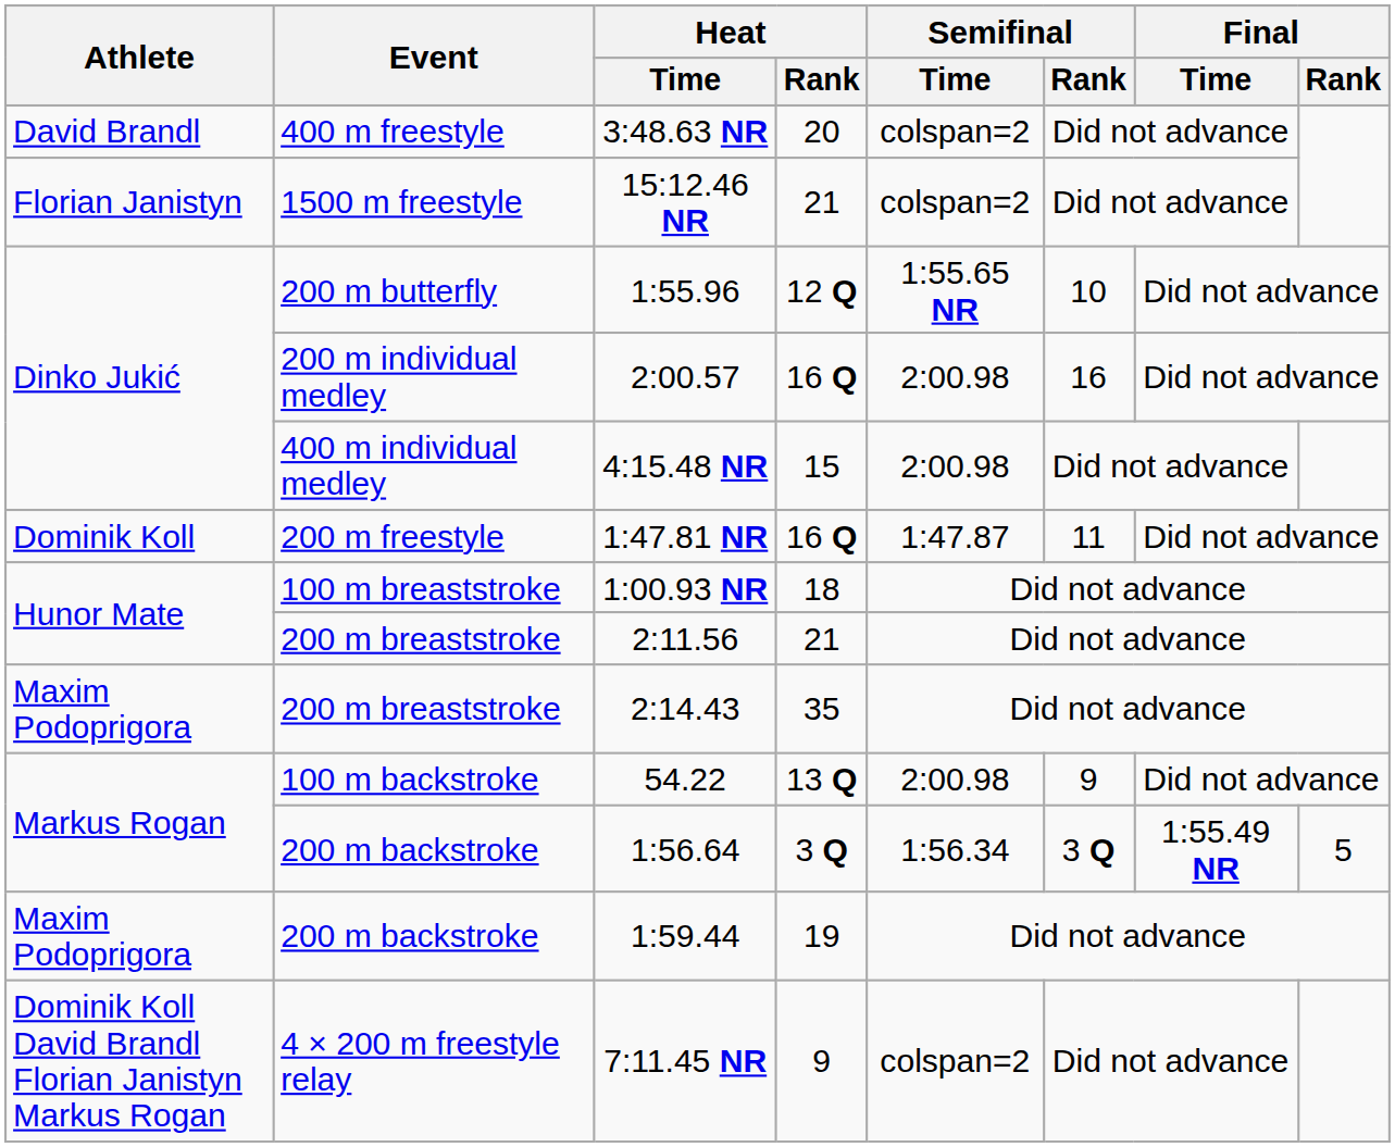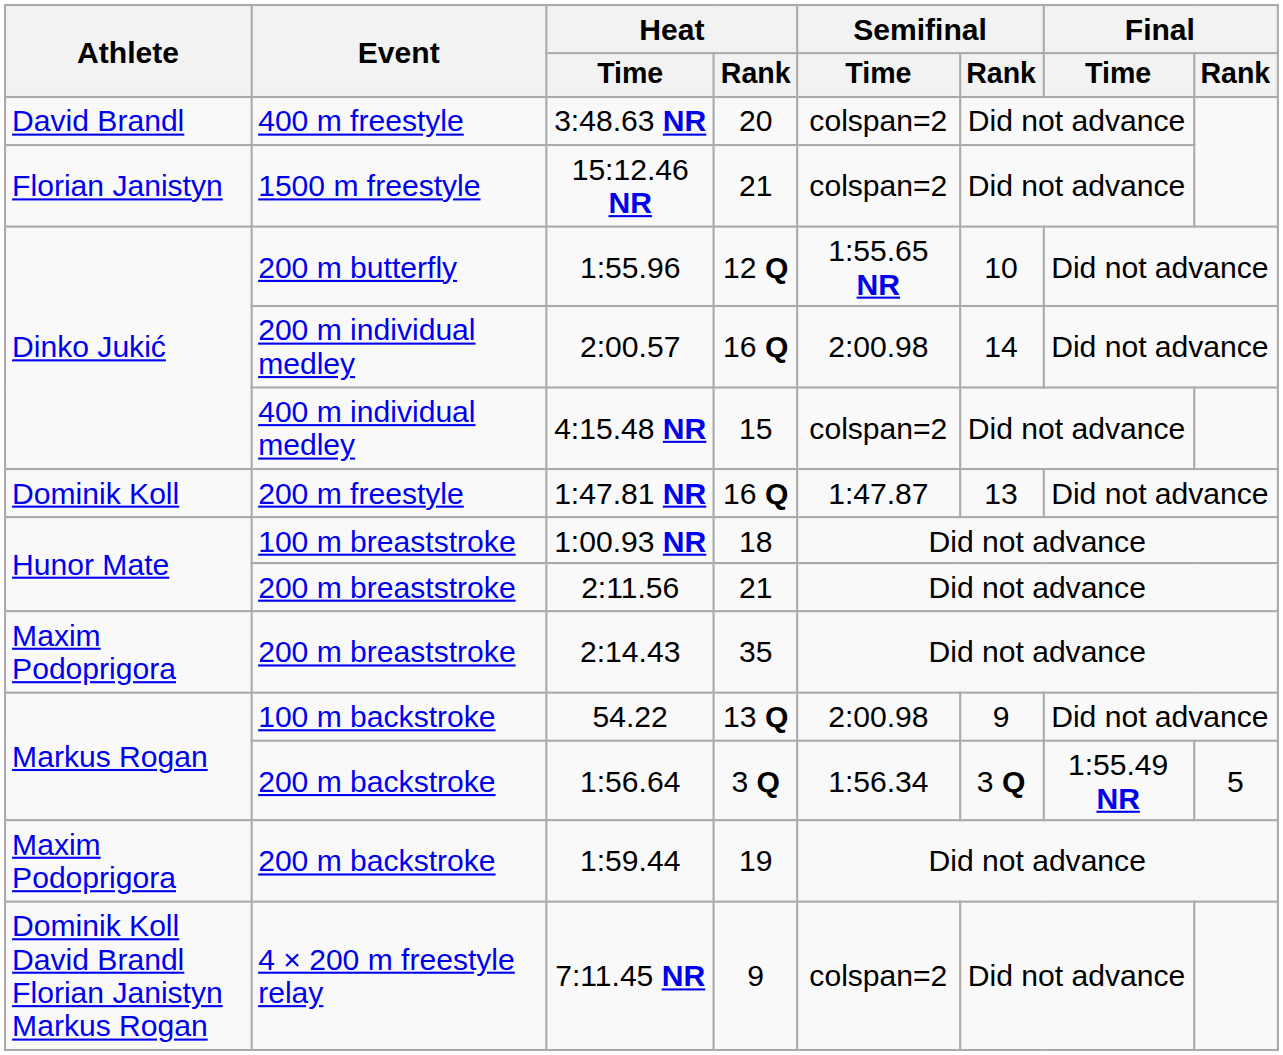 <table class=wikitable style="font-size:90%">
 <tr>
 <th rowspan="2">Athlete</th>
 <th rowspan="2">Event</th>
 <th colspan="2">Heat</th>
 <th colspan="2">Semifinal</th>
 <th colspan="2">Final</th>
 </tr>
 <tr style="font-size:95%">
 <th>Time</th>
 <th>Rank</th>
 <th>Time</th>
 <th>Rank</th>
 <th>Time</th>
 <th>Rank</th>
 </tr>
 <tr align=center>
 <td align=left><a href='#'>David Brandl</a></td>
 <td align=left><a href='#'>400 m freestyle</a></td>
 <td>3:48.63 <strong><a href='#'>NR</a></strong></td>
 <td>20</td>
 <td>colspan=2 </td>
 <td colspan=2>Did not advance</td>
 </tr>
 <tr align=center>
 <td align=left><a href='#'>Florian Janistyn</a></td>
 <td align=left><a href='#'>1500 m freestyle</a></td>
 <td>15:12.46 <strong><a href='#'>NR</a></strong></td>
 <td>21</td>
 <td>colspan=2 </td>
 <td colspan=2>Did not advance</td>
 </tr>
 <tr align=center>
 <td align=left rowspan=3><a href='#'>Dinko Jukić</a></td>
 <td align=left><a href='#'>200 m butterfly</a></td>
 <td>1:55.96</td>
 <td>12 <strong>Q</strong></td>
 <td>1:55.65 <strong><a href='#'>NR</a></strong></td>
 <td>10</td>
 <td colspan=2>Did not advance</td>
 </tr>
 <tr align=center>
 <td align=left><a href='#'>200 m individual medley</a></td>
 <td>2:00.57</td>
 <td>16 <strong>Q</strong></td>
 <td>2:00.98</td>
-<td>16</td>
+<td>14</td>
 <td colspan=2>Did not advance</td>
 </tr>
 <tr align=center>
 <td align=left><a href='#'>400 m individual medley</a></td>
 <td>4:15.48 <strong><a href='#'>NR</a></strong></td>
 <td>15</td>
-<td>2:00.98</td>
+<td>colspan=2 </td>
 <td colspan=2>Did not advance</td>
 </tr>
 <tr align=center>
 <td align=left><a href='#'>Dominik Koll</a></td>
 <td align=left><a href='#'>200 m freestyle</a></td>
 <td>1:47.81 <strong><a href='#'>NR</a></strong></td>
 <td>16 <strong>Q</strong></td>
 <td>1:47.87</td>
-<td>11</td>
+<td>13</td>
 <td colspan=2>Did not advance</td>
 </tr>
 <tr align=center>
 <td align=left rowspan=2><a href='#'>Hunor Mate</a></td>
 <td align=left><a href='#'>100 m breaststroke</a></td>
 <td>1:00.93 <strong><a href='#'>NR</a></strong></td>
 <td>18</td>
 <td colspan=4>Did not advance</td>
 </tr>
 <tr align=center>
 <td align=left><a href='#'>200 m breaststroke</a></td>
 <td>2:11.56</td>
 <td>21</td>
 <td colspan=4>Did not advance</td>
 </tr>
 <tr align=center>
 <td align=left><a href='#'>Maxim Podoprigora</a></td>
 <td align=left><a href='#'>200 m breaststroke</a></td>
 <td>2:14.43</td>
 <td>35</td>
 <td colspan=4>Did not advance</td>
 </tr>
 <tr align=center>
 <td align=left rowspan=2><a href='#'>Markus Rogan</a></td>
 <td align=left><a href='#'>100 m backstroke</a></td>
 <td>54.22</td>
 <td>13 <strong>Q</strong></td>
 <td>2:00.98</td>
 <td>9</td>
 <td colspan=2>Did not advance</td>
 </tr>
 <tr align=center>
 <td align=left><a href='#'>200 m backstroke</a></td>
 <td>1:56.64</td>
 <td>3 <strong>Q</strong></td>
 <td>1:56.34</td>
 <td>3 <strong>Q</strong></td>
 <td>1:55.49 <strong><a href='#'>NR</a></strong></td>
 <td>5</td>
 </tr>
 <tr align=center>
 <td align=left><a href='#'>Maxim Podoprigora</a></td>
 <td align=left><a href='#'>200 m backstroke</a></td>
 <td>1:59.44</td>
 <td>19</td>
 <td colspan=4>Did not advance</td>
 </tr>
 <tr align=center>
 <td align=left><a href='#'>Dominik Koll</a><br><a href='#'>David Brandl</a><br><a href='#'>Florian Janistyn</a><br><a href='#'>Markus Rogan</a></td>
 <td align=left><a href='#'>4 × 200 m freestyle relay</a></td>
 <td>7:11.45 <strong><a href='#'>NR</a></strong></td>
 <td>9</td>
 <td>colspan=2 </td>
 <td colspan=2>Did not advance</td>
 </tr>
 </table>
